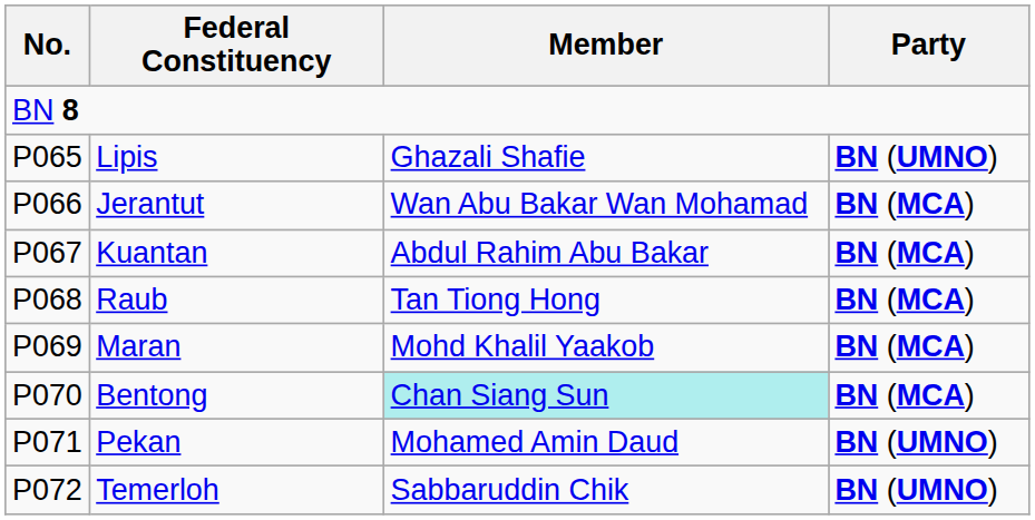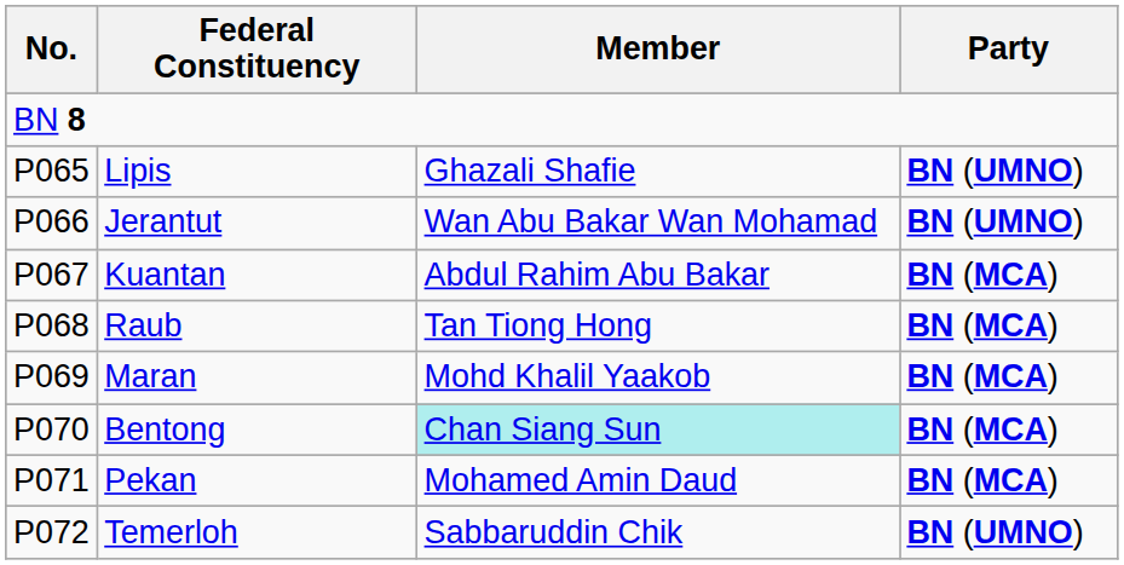 <table class="wikitable sortable">
 <tr>
 <th style="width:30px;">No.</th>
 <th style="width:150px;">Federal Constituency</th>
 <th style="width:230px;">Member</th>
 <th style="width:100px;">Party</th>
 </tr>
 <tr>
 <td colspan="4"><a href='#'>BN</a> <strong>8</strong></td>
 </tr>
 <tr>
 <td>P065</td>
 <td><a href='#'>Lipis</a></td>
 <td><a href='#'>Ghazali Shafie</a></td>
 <td><strong><a href='#'>BN</a></strong> (<strong><a href='#'>UMNO</a></strong>)</td>
 </tr>
 <tr>
 <td>P066</td>
 <td><a href='#'>Jerantut</a></td>
 <td><a href='#'>Wan Abu Bakar Wan Mohamad</a></td>
-<td><strong><a href='#'>BN</a></strong> (<strong><a href='#'>MCA</a></strong>)</td>
+<td><strong><a href='#'>BN</a></strong> (<strong><a href='#'>UMNO</a></strong>)</td>
 </tr>
 <tr>
 <td>P067</td>
 <td><a href='#'>Kuantan</a></td>
 <td><a href='#'>Abdul Rahim Abu Bakar</a></td>
 <td><strong><a href='#'>BN</a></strong> (<strong><a href='#'>MCA</a></strong>)</td>
 </tr>
 <tr>
 <td>P068</td>
 <td><a href='#'>Raub</a></td>
 <td><a href='#'>Tan Tiong Hong</a></td>
 <td><strong><a href='#'>BN</a></strong> (<strong><a href='#'>MCA</a></strong>)</td>
 </tr>
 <tr>
 <td>P069</td>
 <td><a href='#'>Maran</a></td>
 <td><a href='#'>Mohd Khalil Yaakob</a></td>
 <td><strong><a href='#'>BN</a></strong> (<strong><a href='#'>MCA</a></strong>)</td>
 </tr>
 <tr>
 <td>P070</td>
 <td><a href='#'>Bentong</a></td>
 <td style="background: paleturquoise;"><a href='#'>Chan Siang Sun</a></td>
 <td><strong><a href='#'>BN</a></strong> (<strong><a href='#'>MCA</a></strong>)</td>
 </tr>
 <tr>
 <td>P071</td>
 <td><a href='#'>Pekan</a></td>
 <td><a href='#'>Mohamed Amin Daud</a></td>
-<td><strong><a href='#'>BN</a></strong> (<strong><a href='#'>UMNO</a></strong>)</td>
+<td><strong><a href='#'>BN</a></strong> (<strong><a href='#'>MCA</a></strong>)</td>
 </tr>
 <tr>
 <td>P072</td>
 <td><a href='#'>Temerloh</a></td>
 <td><a href='#'>Sabbaruddin Chik</a></td>
 <td><strong><a href='#'>BN</a></strong> (<strong><a href='#'>UMNO</a></strong>)</td>
 </tr>
 </table>
